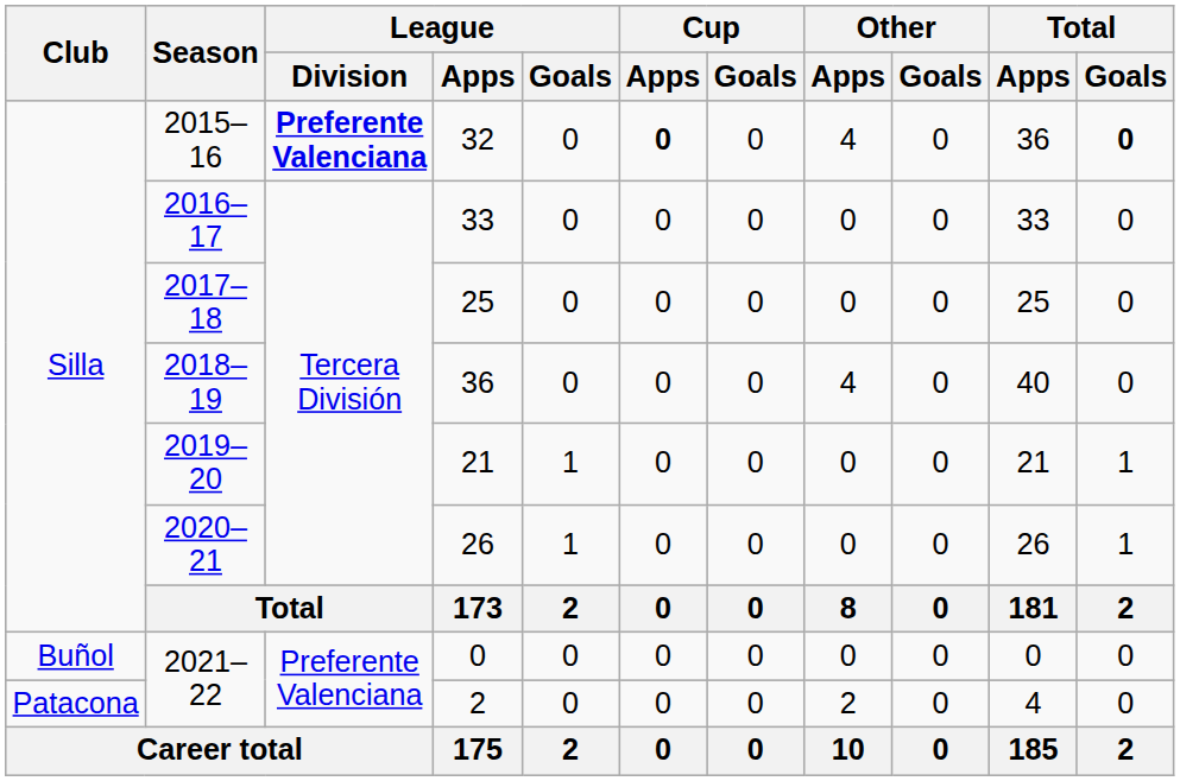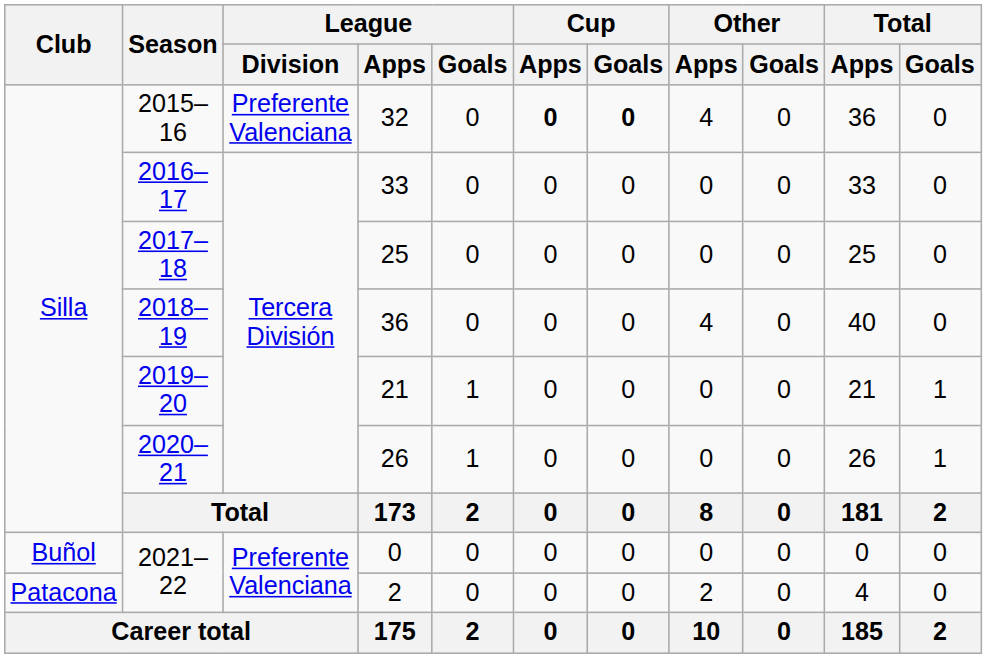 <table class=wikitable style=text-align:center>
 <tr>
 <th rowspan="2">Club</th>
 <th rowspan="2">Season</th>
 <th colspan="3">League</th>
 <th colspan="2">Cup</th>
 <th colspan="2">Other</th>
 <th colspan="2">Total</th>
 </tr>
 <tr>
 <th>Division</th>
 <th>Apps</th>
 <th>Goals</th>
 <th>Apps</th>
 <th>Goals</th>
 <th>Apps</th>
 <th>Goals</th>
 <th>Apps</th>
 <th>Goals</th>
 </tr>
 <tr>
 <td rowspan="7"><a href='#'>Silla</a></td>
 <td>2015–16</td>
-<td><strong><a href='#'>Preferente Valenciana</a></strong></td>
+<td><a href='#'>Preferente Valenciana</a></td>
 <td>32</td>
 <td>0</td>
 <td><strong>0</strong></td>
-<td>0</td>
+<td><strong>0</strong></td>
 <td>4</td>
 <td>0</td>
 <td>36</td>
-<td><strong>0</strong></td>
+<td>0</td>
 </tr>
 <tr>
 <td><a href='#'>2016–17</a></td>
 <td rowspan="5"><a href='#'>Tercera División</a></td>
 <td>33</td>
 <td>0</td>
 <td>0</td>
 <td>0</td>
 <td>0</td>
 <td>0</td>
 <td>33</td>
 <td>0</td>
 </tr>
 <tr>
 <td><a href='#'>2017–18</a></td>
 <td>25</td>
 <td>0</td>
 <td>0</td>
 <td>0</td>
 <td>0</td>
 <td>0</td>
 <td>25</td>
 <td>0</td>
 </tr>
 <tr>
 <td><a href='#'>2018–19</a></td>
 <td>36</td>
 <td>0</td>
 <td>0</td>
 <td>0</td>
 <td>4</td>
 <td>0</td>
 <td>40</td>
 <td>0</td>
 </tr>
 <tr>
 <td><a href='#'>2019–20</a></td>
 <td>21</td>
 <td>1</td>
 <td>0</td>
 <td>0</td>
 <td>0</td>
 <td>0</td>
 <td>21</td>
 <td>1</td>
 </tr>
 <tr>
 <td><a href='#'>2020–21</a></td>
 <td>26</td>
 <td>1</td>
 <td>0</td>
 <td>0</td>
 <td>0</td>
 <td>0</td>
 <td>26</td>
 <td>1</td>
 </tr>
 <tr>
 <th colspan="2"><strong>Total</strong></th>
 <th>173</th>
 <th>2</th>
 <th>0</th>
 <th>0</th>
 <th>8</th>
 <th>0</th>
 <th>181</th>
 <th>2</th>
 </tr>
 <tr>
 <td><a href='#'>Buñol</a></td>
 <td rowspan="2">2021–22</td>
 <td rowspan="2"><a href='#'>Preferente Valenciana</a></td>
 <td>0</td>
 <td>0</td>
 <td>0</td>
 <td>0</td>
 <td>0</td>
 <td>0</td>
 <td>0</td>
 <td>0</td>
 </tr>
 <tr>
 <td><a href='#'>Patacona</a></td>
 <td>2</td>
 <td>0</td>
 <td>0</td>
 <td>0</td>
 <td>2</td>
 <td>0</td>
 <td>4</td>
 <td>0</td>
 </tr>
 <tr>
 <th colspan="3"><strong>Career total</strong></th>
 <th>175</th>
 <th>2</th>
 <th>0</th>
 <th>0</th>
 <th>10</th>
 <th>0</th>
 <th>185</th>
 <th>2</th>
 </tr>
 </table>
